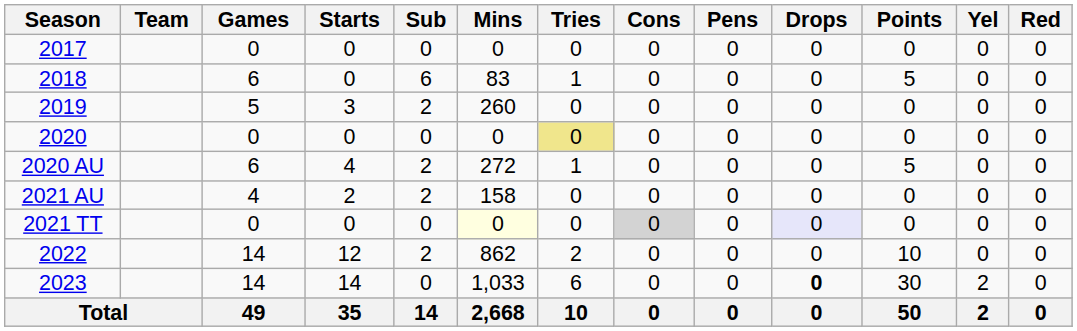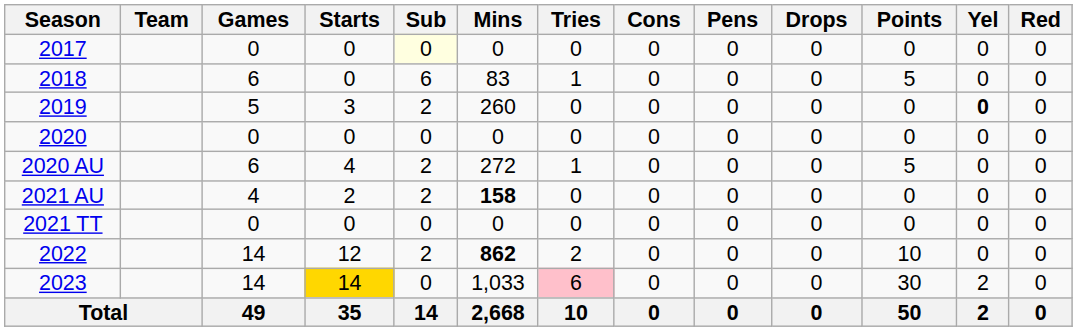 <table class="wikitable" style="text-align:center; line-height:90%; font-size:95%; width:60%;">
 <tr>
 <th>Season</th>
 <th>Team</th>
 <th>Games</th>
 <th>Starts</th>
 <th>Sub</th>
 <th>Mins</th>
 <th>Tries</th>
 <th>Cons</th>
 <th>Pens</th>
 <th>Drops</th>
 <th>Points</th>
 <th>Yel</th>
 <th>Red</th>
 </tr>
 <tr>
 <td><a href='#'>2017</a></td>
 <td></td>
 <td>0</td>
 <td>0</td>
-<td>0</td>
+<td style="background: lightyellow;">0</td>
 <td>0</td>
 <td>0</td>
 <td>0</td>
 <td>0</td>
 <td>0</td>
 <td>0</td>
 <td>0</td>
 <td>0</td>
 </tr>
 <tr>
 <td><a href='#'>2018</a></td>
 <td></td>
 <td>6</td>
 <td>0</td>
 <td>6</td>
 <td>83</td>
 <td>1</td>
 <td>0</td>
 <td>0</td>
 <td>0</td>
 <td>5</td>
 <td>0</td>
 <td>0</td>
 </tr>
 <tr>
 <td><a href='#'>2019</a></td>
 <td></td>
 <td>5</td>
 <td>3</td>
 <td>2</td>
 <td>260</td>
 <td>0</td>
 <td>0</td>
 <td>0</td>
 <td>0</td>
 <td>0</td>
-<td>0</td>
+<td><strong>0</strong></td>
 <td>0</td>
 </tr>
 <tr>
 <td><a href='#'>2020</a></td>
 <td></td>
 <td>0</td>
 <td>0</td>
 <td>0</td>
 <td>0</td>
-<td style="background: khaki;">0</td>
+<td>0</td>
 <td>0</td>
 <td>0</td>
 <td>0</td>
 <td>0</td>
 <td>0</td>
 <td>0</td>
 </tr>
 <tr>
 <td><a href='#'>2020 AU</a></td>
 <td></td>
 <td>6</td>
 <td>4</td>
 <td>2</td>
 <td>272</td>
 <td>1</td>
 <td>0</td>
 <td>0</td>
 <td>0</td>
 <td>5</td>
 <td>0</td>
 <td>0</td>
 </tr>
 <tr>
 <td><a href='#'>2021 AU</a></td>
 <td></td>
 <td>4</td>
 <td>2</td>
 <td>2</td>
-<td>158</td>
+<td><strong>158</strong></td>
 <td>0</td>
 <td>0</td>
 <td>0</td>
 <td>0</td>
 <td>0</td>
 <td>0</td>
 <td>0</td>
 </tr>
 <tr>
 <td><a href='#'>2021 TT</a></td>
 <td></td>
 <td>0</td>
 <td>0</td>
 <td>0</td>
-<td style="background: lightyellow;">0</td>
 <td>0</td>
-<td style="background: lightgrey;">0</td>
 <td>0</td>
-<td style="background: lavender;">0</td>
+<td>0</td>
+<td>0</td>
+<td>0</td>
 <td>0</td>
 <td>0</td>
 <td>0</td>
 </tr>
 <tr>
 <td><a href='#'>2022</a></td>
 <td></td>
 <td>14</td>
 <td>12</td>
 <td>2</td>
-<td>862</td>
+<td><strong>862</strong></td>
 <td>2</td>
 <td>0</td>
 <td>0</td>
 <td>0</td>
 <td>10</td>
 <td>0</td>
 <td>0</td>
 </tr>
 <tr>
 <td><a href='#'>2023</a></td>
 <td></td>
 <td>14</td>
-<td>14</td>
+<td style="background: gold;">14</td>
 <td>0</td>
 <td>1,033</td>
-<td>6</td>
+<td style="background: pink;">6</td>
 <td>0</td>
 <td>0</td>
-<td><strong>0</strong></td>
+<td>0</td>
 <td>30</td>
 <td>2</td>
 <td>0</td>
 </tr>
 <tr>
 <th colspan="2">Total</th>
 <th>49</th>
 <th>35</th>
 <th>14</th>
 <th>2,668</th>
 <th>10</th>
 <th>0</th>
 <th>0</th>
 <th>0</th>
 <th>50</th>
 <th>2</th>
 <th>0</th>
 </tr>
 </table>
